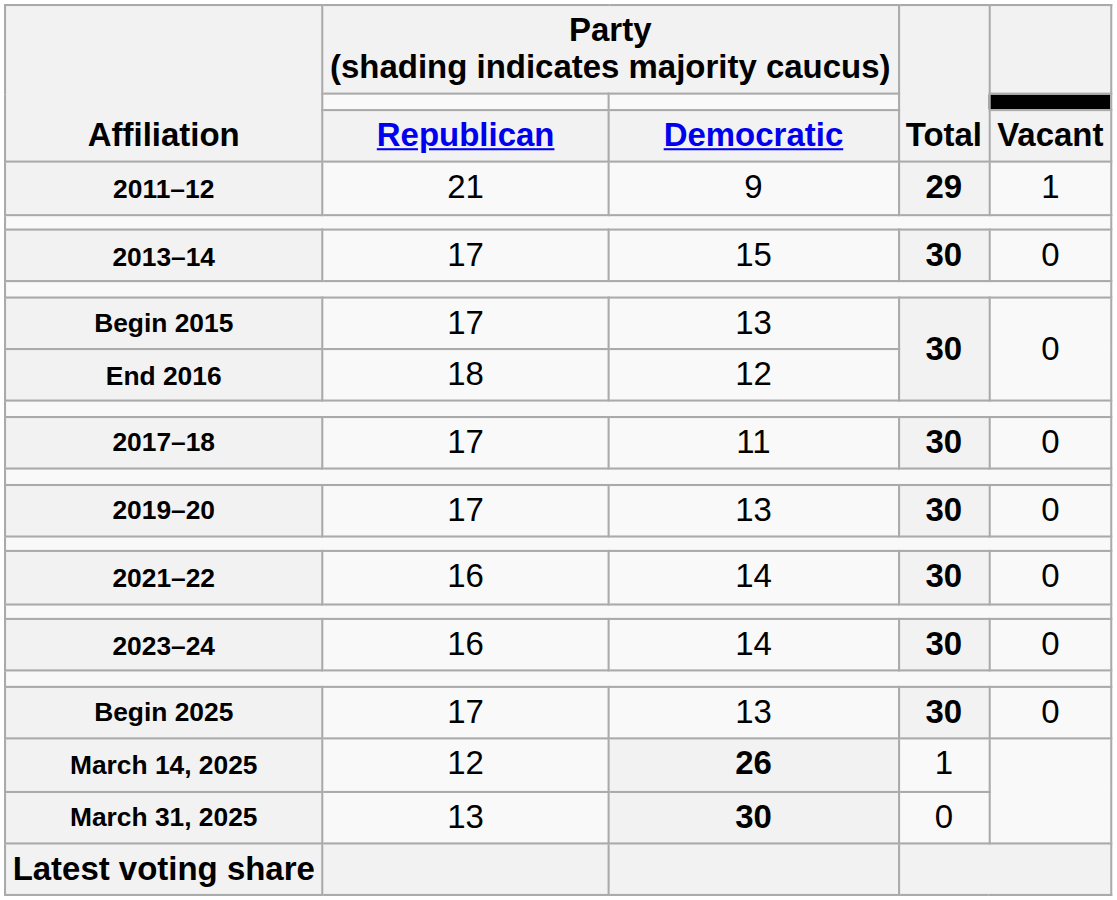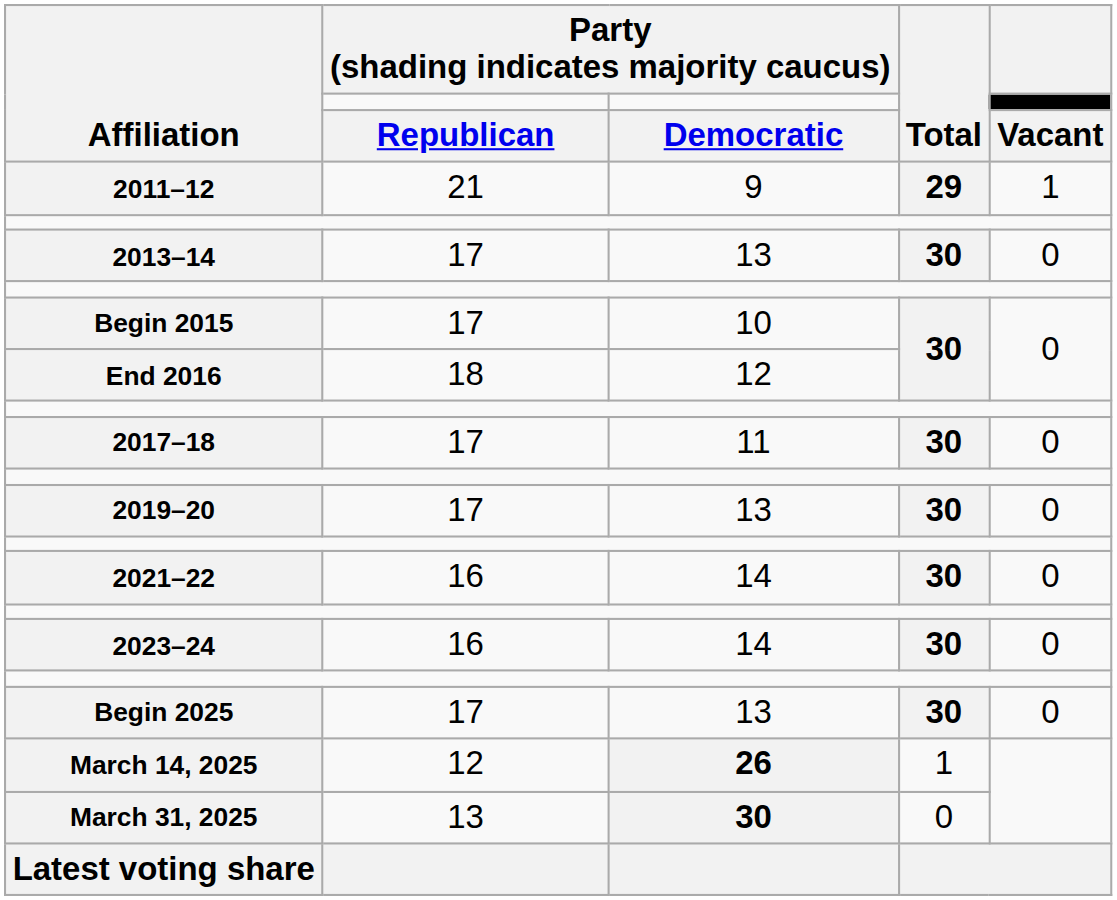 <table class="wikitable" style="text-align:center">
 <tr style="vertical-align:bottom;">
 <th rowspan=3>Affiliation</th>
 <th colspan=2>Party <div>(shading indicates majority caucus)</div></th>
 <th rowspan=3>Total</th>
 <th></th>
 </tr>
 <tr style="height:5px">
 <td style="background-color:"></td>
 <td style="background-color:"></td>
 <td style="background-color:black"></td>
 </tr>
 <tr>
 <th><a href='#'>Republican</a></th>
 <th><a href='#'>Democratic</a></th>
 <th>Vacant</th>
 </tr>
 <tr>
 <th nowrap style="font-size:80%">2011–12</th>
 <td>21</td>
 <td>9</td>
 <th>29</th>
 <td>1</td>
 </tr>
 <tr>
 <td colspan=5></td>
 </tr>
 <tr>
 <th nowrap style="font-size:80%">2013–14</th>
 <td>17</td>
-<td>15</td>
+<td>13</td>
 <th>30</th>
 <td>0</td>
 </tr>
 <tr>
 <td colspan=5></td>
 </tr>
 <tr>
 <th nowrap style="font-size:80%">Begin 2015</th>
 <td>17</td>
-<td>13</td>
+<td>10</td>
 <th rowspan=2>30</th>
 <td rowspan=2>0</td>
 </tr>
 <tr>
 <th nowrap style="font-size:80%">End 2016</th>
 <td>18</td>
 <td>12</td>
 </tr>
 <tr>
 <td colspan=5></td>
 </tr>
 <tr>
 <th nowrap style="font-size:80%">2017–18</th>
 <td>17</td>
 <td>11</td>
 <th>30</th>
 <td>0</td>
 </tr>
 <tr>
 <td colspan=5></td>
 </tr>
 <tr>
 <th nowrap style="font-size:80%">2019–20</th>
 <td>17</td>
 <td>13</td>
 <th>30</th>
 <td>0</td>
 </tr>
 <tr>
 <td colspan=5></td>
 </tr>
 <tr>
 <th nowrap="" style="font-size:80%">2021–22</th>
 <td>16</td>
 <td>14</td>
 <th>30</th>
 <td>0</td>
 </tr>
 <tr>
 <td colspan=5></td>
 </tr>
 <tr>
 <th nowrap="" style="font-size:80%">2023–24</th>
 <td>16</td>
 <td>14</td>
 <th>30</th>
 <td>0</td>
 </tr>
 <tr>
 <td colspan=5></td>
 </tr>
 <tr>
 <th nowrap="" style="font-size:80%">Begin 2025</th>
 <td>17</td>
 <td>13</td>
 <th>30</th>
 <td>0</td>
 </tr>
 <tr>
 <th nowrap="" style="font-size:80%">March 14, 2025</th>
 <td>12</td>
 <th>26</th>
 <td>1</td>
 </tr>
 <tr>
 <th nowrap="" style="font-size:80%">March 31, 2025</th>
 <td>13</td>
 <th>30</th>
 <td>0</td>
 </tr>
 <tr>
 <th>Latest voting share</th>
 <th></th>
 <th></th>
 <th colspan=2></th>
 </tr>
 </table>
